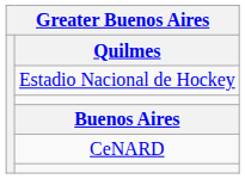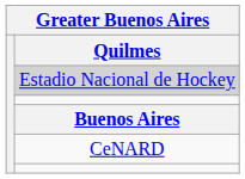 <table class="wikitable" style="text-align:center;margin:1em auto;">
 <tr>
 <th colspan=2><a href='#'>Greater Buenos Aires</a></th>
 </tr>
 <tr>
 <th rowspan=6></th>
 <th><a href='#'>Quilmes</a></th>
 </tr>
 <tr>
-<td><a href='#'>Estadio Nacional de Hockey</a></td>
+<td style="background: lightgrey;"><a href='#'>Estadio Nacional de Hockey</a></td>
 </tr>
 <tr>
 <td></td>
 </tr>
 <tr>
 <th><a href='#'>Buenos Aires</a></th>
 </tr>
 <tr>
 <td><a href='#'>CeNARD</a></td>
 </tr>
 <tr>
 <td></td>
 </tr>
 </table>
